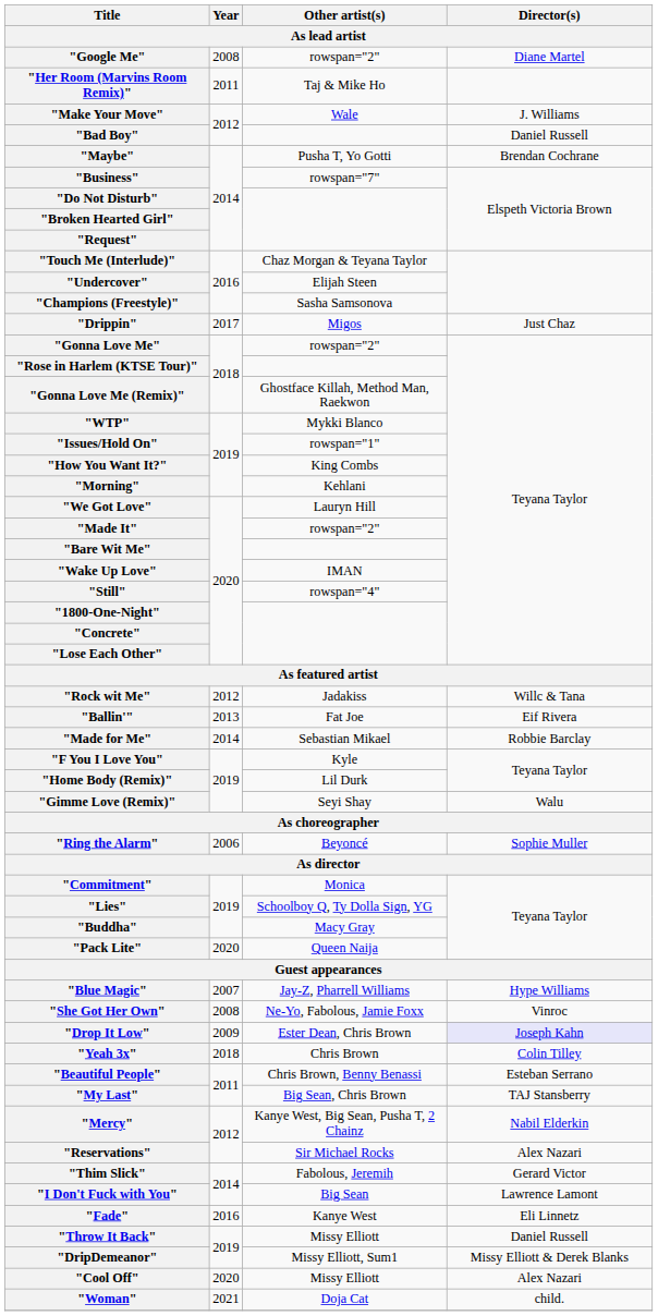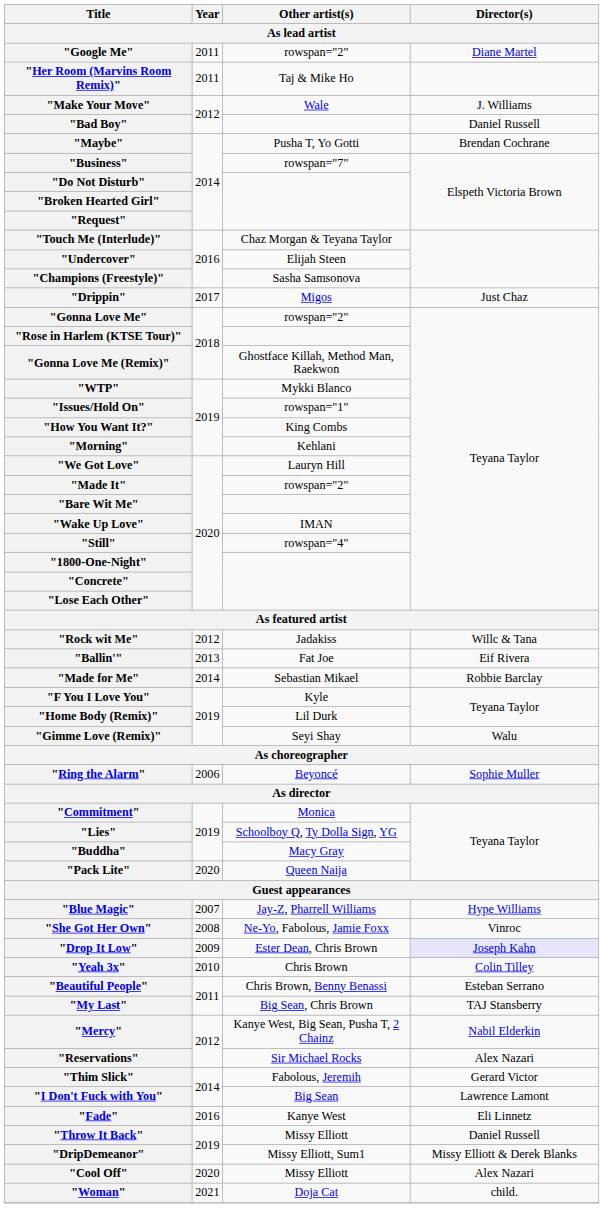 <table class="wikitable plainrowheaders" style="text-align:center;">
 <tr>
 <th scope="col" style="width:15em;">Title</th>
 <th scope="col" style="width:1em;">Year</th>
 <th scope="col" style="width:15em;">Other artist(s)</th>
 <th scope="col" style="width:15em;">Director(s)</th>
 </tr>
 <tr>
 <th scope="col" colspan="4">As lead artist</th>
 </tr>
 <tr>
 <th scope="row">"Google Me"</th>
-<td>2008</td>
+<td>2011</td>
 <td>rowspan="2" </td>
 <td><a href='#'>Diane Martel</a></td>
 </tr>
 <tr>
 <th scope="row">"<a href='#'>Her Room (Marvins Room Remix)</a>"</th>
 <td>2011</td>
 <td>Taj & Mike Ho</td>
 </tr>
 <tr>
 <th scope="row">"Make Your Move"</th>
 <td rowspan="2">2012</td>
 <td><a href='#'>Wale</a></td>
 <td>J. Williams</td>
 </tr>
 <tr>
 <th scope="row">"Bad Boy"</th>
 <td></td>
 <td>Daniel Russell</td>
 </tr>
 <tr>
 <th scope="row">"Maybe"</th>
 <td rowspan="5">2014</td>
 <td>Pusha T, Yo Gotti</td>
 <td>Brendan Cochrane</td>
 </tr>
 <tr>
 <th scope="row">"Business"</th>
 <td>rowspan="7" </td>
 <td rowspan="4">Elspeth Victoria Brown</td>
 </tr>
 <tr>
 <th scope="row">"Do Not Disturb"</th>
 </tr>
 <tr>
 <th scope="row">"Broken Hearted Girl"</th>
 </tr>
 <tr>
 <th scope="row">"Request"</th>
 </tr>
 <tr>
 <th scope="row">"Touch Me (Interlude)"</th>
 <td rowspan="3">2016</td>
 <td>Chaz Morgan & Teyana Taylor</td>
 </tr>
 <tr>
 <th scope="row">"Undercover"</th>
 <td>Elijah Steen</td>
 </tr>
 <tr>
 <th scope="row">"Champions (Freestyle)"</th>
 <td>Sasha Samsonova</td>
 </tr>
 <tr>
 <th scope="row">"Drippin"</th>
 <td>2017</td>
 <td><a href='#'>Migos</a></td>
 <td>Just Chaz</td>
 </tr>
 <tr>
 <th scope="row">"Gonna Love Me"</th>
 <td rowspan="3">2018</td>
 <td>rowspan="2" </td>
 <td rowspan="15">Teyana Taylor</td>
 </tr>
 <tr>
 <th scope="row">"Rose in  Harlem (KTSE Tour)"</th>
 </tr>
 <tr>
 <th scope="row">"Gonna Love Me (Remix)"</th>
 <td>Ghostface Killah, Method Man, Raekwon</td>
 </tr>
 <tr>
 <th scope="row">"WTP"</th>
 <td rowspan="4">2019</td>
 <td>Mykki Blanco</td>
 </tr>
 <tr>
 <th scope="row">"Issues/Hold On"</th>
 <td>rowspan="1" </td>
 </tr>
 <tr>
 <th scope="row">"How You Want It?"</th>
 <td>King Combs</td>
 </tr>
 <tr>
 <th scope="row">"Morning"</th>
 <td>Kehlani</td>
 </tr>
 <tr>
 <th scope="row">"We Got Love"</th>
 <td rowspan="8">2020</td>
 <td>Lauryn Hill</td>
 </tr>
 <tr>
 <th scope="row">"Made It"</th>
 <td>rowspan="2" </td>
 </tr>
 <tr>
 <th scope="row">"Bare Wit Me"</th>
 </tr>
 <tr>
 <th scope="row">"Wake Up Love"</th>
 <td>IMAN</td>
 </tr>
 <tr>
 <th scope="row">"Still"</th>
 <td>rowspan="4" </td>
 </tr>
 <tr>
 <th scope="row">"1800-One-Night"</th>
 </tr>
 <tr>
 <th scope="row">"Concrete"</th>
 </tr>
 <tr>
 <th scope="row">"Lose Each Other"</th>
 </tr>
 <tr>
 <th scope="col" colspan="4">As featured artist</th>
 </tr>
 <tr>
 <th scope="row">"Rock wit Me"</th>
 <td>2012</td>
 <td>Jadakiss</td>
 <td>Willc & Tana</td>
 </tr>
 <tr>
 <th scope="row">"Ballin'"</th>
 <td>2013</td>
 <td>Fat Joe</td>
 <td>Eif Rivera</td>
 </tr>
 <tr>
 <th scope="row">"Made for Me"</th>
 <td>2014</td>
 <td>Sebastian Mikael</td>
 <td>Robbie Barclay</td>
 </tr>
 <tr>
 <th scope="row">"F You I Love You"</th>
 <td rowspan="3">2019</td>
 <td>Kyle</td>
 <td rowspan="2">Teyana Taylor</td>
 </tr>
 <tr>
 <th scope="row">"Home Body (Remix)"</th>
 <td>Lil Durk</td>
 </tr>
 <tr>
 <th scope="row">"Gimme Love (Remix)"</th>
 <td>Seyi Shay</td>
 <td>Walu</td>
 </tr>
 <tr>
 <th scope="col" colspan="4">As choreographer</th>
 </tr>
 <tr>
 <th scope="row">"<a href='#'>Ring the Alarm</a>"</th>
 <td>2006</td>
 <td><a href='#'>Beyoncé</a></td>
 <td><a href='#'>Sophie Muller</a></td>
 </tr>
 <tr>
 <th scope="col" colspan="4">As director</th>
 </tr>
 <tr>
 <th scope="row">"<a href='#'>Commitment</a>"</th>
 <td rowspan="3">2019</td>
 <td><a href='#'>Monica</a></td>
 <td rowspan="4">Teyana Taylor</td>
 </tr>
 <tr>
 <th scope="row">"Lies"</th>
 <td><a href='#'>Schoolboy Q</a>, <a href='#'>Ty Dolla Sign</a>, <a href='#'>YG</a></td>
 </tr>
 <tr>
 <th scope="row">"Buddha"</th>
 <td><a href='#'>Macy Gray</a></td>
 </tr>
 <tr>
 <th scope="row">"Pack Lite"</th>
 <td>2020</td>
 <td><a href='#'>Queen Naija</a></td>
 </tr>
 <tr>
 <th scope="col" colspan="4">Guest appearances</th>
 </tr>
 <tr>
 <th scope="row">"<a href='#'>Blue Magic</a>"</th>
 <td>2007</td>
 <td><a href='#'>Jay-Z</a>, <a href='#'>Pharrell Williams</a></td>
 <td><a href='#'>Hype Williams</a></td>
 </tr>
 <tr>
 <th scope="row">"<a href='#'>She Got Her Own</a>"</th>
 <td>2008</td>
 <td><a href='#'>Ne-Yo</a>, Fabolous, <a href='#'>Jamie Foxx</a></td>
 <td>Vinroc</td>
 </tr>
 <tr>
 <th scope="row">"<a href='#'>Drop It Low</a>"</th>
 <td>2009</td>
 <td><a href='#'>Ester Dean</a>, Chris Brown</td>
 <td style="background: lavender;"><a href='#'>Joseph Kahn</a></td>
 </tr>
 <tr>
 <th scope="row">"<a href='#'>Yeah 3x</a>"</th>
-<td>2018</td>
+<td>2010</td>
 <td>Chris Brown</td>
 <td><a href='#'>Colin Tilley</a></td>
 </tr>
 <tr>
 <th scope="row">"<a href='#'>Beautiful People</a>"</th>
 <td rowspan="2">2011</td>
 <td>Chris Brown, <a href='#'>Benny Benassi</a></td>
 <td>Esteban Serrano</td>
 </tr>
 <tr>
 <th scope="row">"<a href='#'>My Last</a>"</th>
 <td><a href='#'>Big Sean</a>, Chris Brown</td>
 <td>TAJ Stansberry</td>
 </tr>
 <tr>
 <th scope="row">"<a href='#'>Mercy</a>"</th>
 <td rowspan="2">2012</td>
 <td>Kanye West, Big Sean, Pusha T, <a href='#'>2 Chainz</a></td>
 <td><a href='#'>Nabil Elderkin</a></td>
 </tr>
 <tr>
 <th scope="row">"Reservations"</th>
 <td><a href='#'>Sir Michael Rocks</a></td>
 <td>Alex Nazari</td>
 </tr>
 <tr>
 <th scope="row">"Thim Slick"</th>
 <td rowspan="2">2014</td>
 <td>Fabolous, <a href='#'>Jeremih</a></td>
 <td>Gerard Victor</td>
 </tr>
 <tr>
 <th scope="row">"<a href='#'>I Don't Fuck with You</a>"</th>
 <td><a href='#'>Big Sean</a></td>
 <td>Lawrence Lamont</td>
 </tr>
 <tr>
 <th scope="row">"<a href='#'>Fade</a>"</th>
 <td>2016</td>
 <td>Kanye West</td>
 <td>Eli Linnetz</td>
 </tr>
 <tr>
 <th scope="row">"<a href='#'>Throw It Back</a>"</th>
 <td rowspan="2">2019</td>
 <td>Missy Elliott</td>
 <td>Daniel Russell</td>
 </tr>
 <tr>
 <th scope="row">"DripDemeanor"</th>
 <td>Missy Elliott, Sum1</td>
 <td>Missy Elliott & Derek Blanks</td>
 </tr>
 <tr>
 <th scope="row">"Cool Off"</th>
 <td>2020</td>
 <td>Missy Elliott</td>
 <td>Alex Nazari</td>
 </tr>
 <tr>
 <th scope="row">"<a href='#'>Woman</a>"</th>
 <td>2021</td>
 <td><a href='#'>Doja Cat</a></td>
 <td>child.</td>
 </tr>
 <tr>
 </tr>
 </table>
